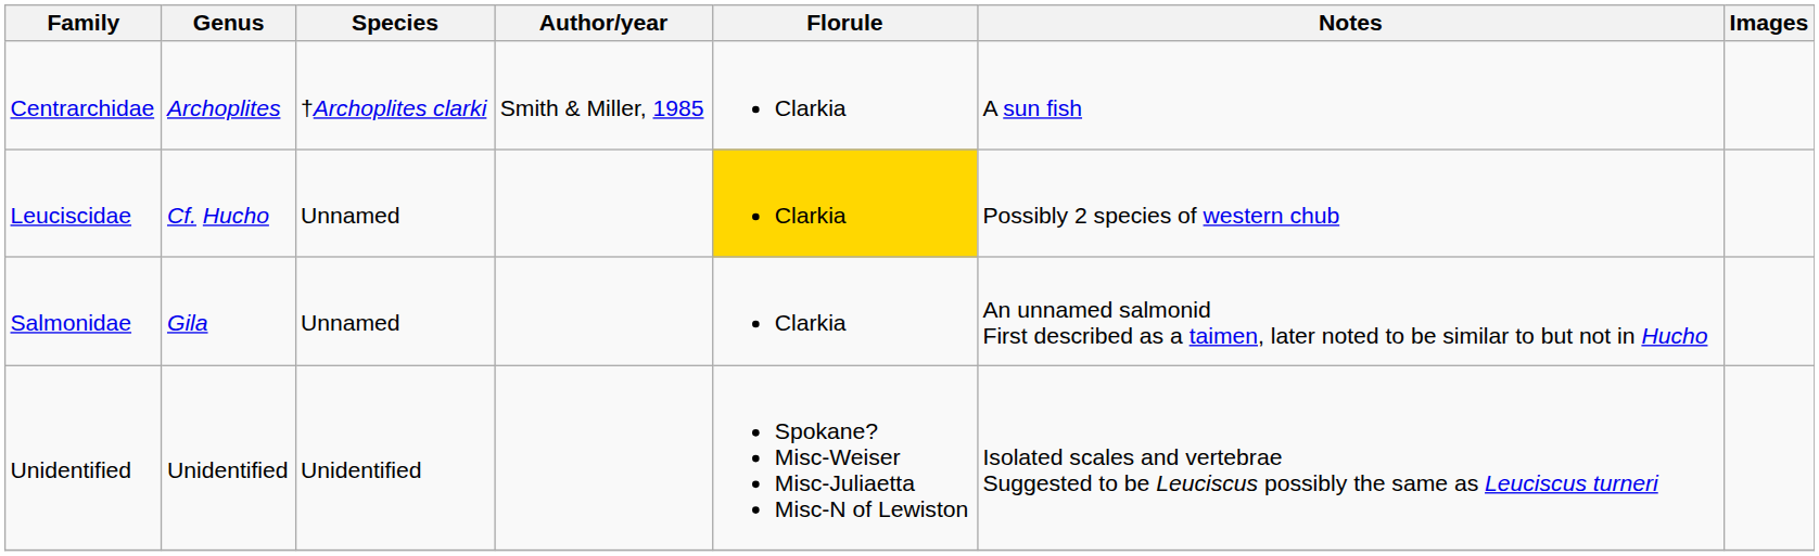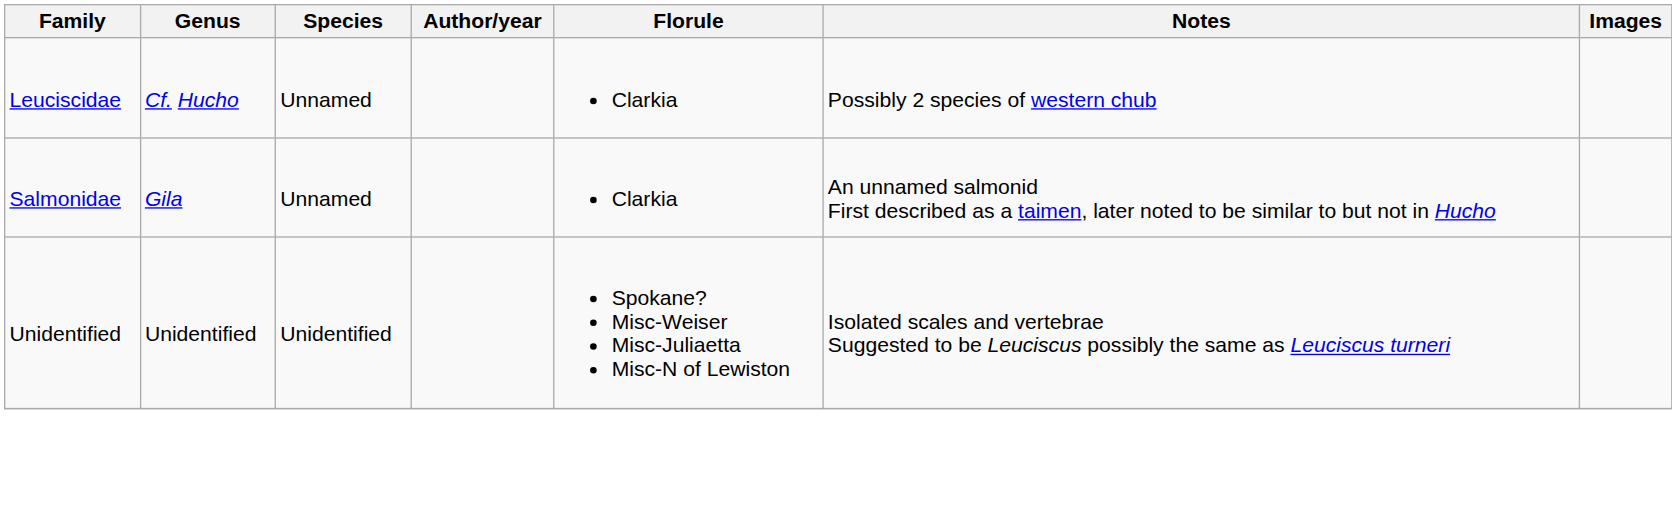 <table class="wikitable sortable mw-collapsible" style="margin:auto; width:100%">
 <tr>
 <th>Family</th>
 <th>Genus</th>
 <th>Species</th>
 <th>Author/year</th>
 <th>Florule</th>
 <th>Notes</th>
 <th>Images</th>
 </tr>
 <tr>
-<td><br><a href='#'>Centrarchidae</a></td>
-<td><br><em><a href='#'>Archoplites</a></em></td>
-<td><br>†<em><a href='#'>Archoplites clarki</a></em></td>
-<td><br>Smith & Miller, <a href='#'>1985</a></td>
-<td><br><ul><li>Clarkia</li></ul></td>
-<td><br>A <a href='#'>sun fish</a></td>
-<td></td>
-</tr>
-<tr>
 <td><br><a href='#'>Leuciscidae</a></td>
 <td><br><em><a href='#'>Cf.</a></em> <em><a href='#'>Hucho</a></em></td>
 <td><br>Unnamed</td>
 <td></td>
-<td style="background: gold;"><br><ul><li>Clarkia</li></ul></td>
+<td><br><ul><li>Clarkia</li></ul></td>
 <td><br>Possibly 2 species of <a href='#'>western chub</a></td>
 <td></td>
 </tr>
 <tr>
 <td><br><a href='#'>Salmonidae</a></td>
 <td><br><em><a href='#'>Gila</a></em></td>
 <td><br>Unnamed</td>
 <td></td>
 <td><br><ul><li>Clarkia</li></ul></td>
 <td><br>An unnamed salmonid<br> First described as a <a href='#'>taimen</a>, later noted to be similar to but not in  <em><a href='#'>Hucho</a></em></td>
 <td></td>
 </tr>
 <tr>
 <td><br>Unidentified</td>
 <td><br>Unidentified</td>
 <td><br>Unidentified</td>
 <td></td>
 <td><br><ul><li>Spokane?</li><li>Misc-Weiser</li><li>Misc-Juliaetta</li><li>Misc-N of Lewiston</li></ul></td>
 <td><br>Isolated scales and vertebrae<br>Suggested to be <em>Leuciscus</em> possibly the same as <em><a href='#'>Leuciscus turneri</a></em></td>
 <td><br></td>
 </tr>
 <tr>
 </tr>
 </table>
